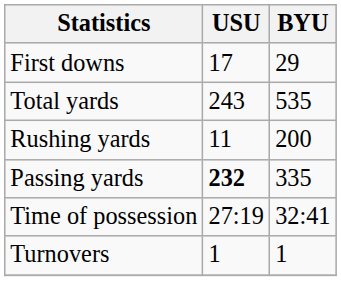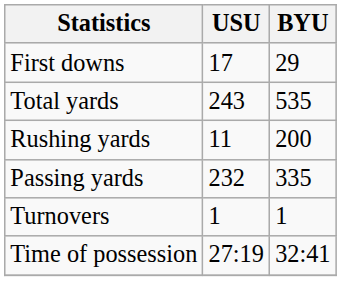 <table class="wikitable">
 <tr>
 <th>Statistics</th>
 <th>USU</th>
 <th>BYU</th>
 </tr>
 <tr>
 <td>First downs</td>
 <td>17</td>
 <td>29</td>
 </tr>
 <tr>
 <td>Total yards</td>
 <td>243</td>
 <td>535</td>
 </tr>
 <tr>
 <td>Rushing yards</td>
 <td>11</td>
 <td>200</td>
 </tr>
 <tr>
 <td>Passing yards</td>
-<td><strong>232</strong></td>
+<td>232</td>
 <td>335</td>
+</tr>
+<tr>
+<td>Turnovers</td>
+<td>1</td>
+<td>1</td>
 </tr>
 <tr>
 <td>Time of possession</td>
 <td>27:19</td>
 <td>32:41</td>
 </tr>
 <tr>
-<td>Turnovers</td>
-<td>1</td>
-<td>1</td>
-</tr>
-<tr>
 </tr>
 </table>
